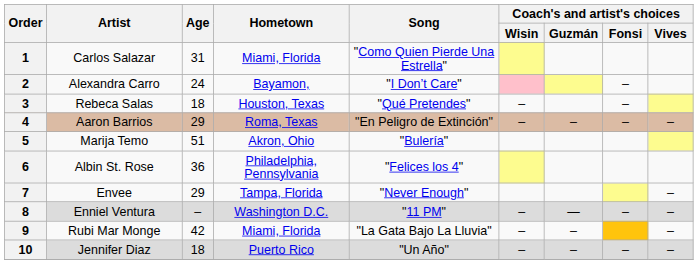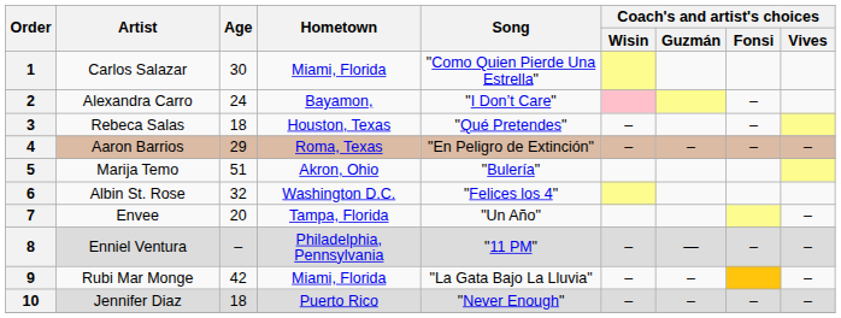 <table class="wikitable" style="text-align:center; line-height:17px; width:100%;">
 <tr>
 <th scope="col" rowspan="2" style="width:04%;">Order</th>
 <th scope="col" rowspan="2" style="width:18%;">Artist</th>
 <th scope="col" rowspan="2" style="width:04%;">Age</th>
 <th scope="col" rowspan="2" style="width:18%;">Hometown</th>
 <th scope="col" rowspan="2" style="width:20%;">Song</th>
 <th scope="col" colspan="4" style="width:24%;">Coach's and artist's choices</th>
 </tr>
 <tr>
 <th style="width:06%;">Wisin</th>
 <th style="width:06%;">Guzmán</th>
 <th style="width:06%;">Fonsi</th>
 <th style="width:06%;">Vives</th>
 </tr>
 <tr>
 <th>1</th>
 <td>Carlos Salazar</td>
-<td>31</td>
+<td>30</td>
 <td><a href='#'>Miami, Florida</a></td>
 <td>"<a href='#'>Como Quien Pierde Una Estrella</a>"</td>
 <td style="background:#fdfc8f;"><strong></strong></td>
 <td><strong></strong></td>
 <td><strong></strong></td>
 <td><strong></strong></td>
 </tr>
 <tr>
 <th>2</th>
 <td>Alexandra Carro</td>
 <td>24</td>
 <td><a href='#'>Bayamon, </a></td>
 <td>"<a href='#'>I Don’t Care</a>"</td>
 <td style="background-color:pink;"><strong></strong></td>
 <td style="background:#fdfc8f;"><strong></strong></td>
 <td>–</td>
 <td><strong></strong></td>
 </tr>
 <tr>
 <th>3</th>
 <td>Rebeca Salas</td>
 <td>18</td>
 <td><a href='#'>Houston, Texas</a></td>
 <td>"<a href='#'>Qué Pretendes</a>"</td>
 <td>–</td>
 <td><strong></strong></td>
 <td>–</td>
 <td style="background:#fdfc8f;"><strong></strong></td>
 </tr>
 <tr style="background:#dbbba4;">
 <th>4</th>
 <td>Aaron Barrios</td>
 <td>29</td>
 <td><a href='#'>Roma, Texas</a></td>
 <td>"En Peligro de Extinción"</td>
 <td>–</td>
 <td>–</td>
 <td>–</td>
 <td>–</td>
 </tr>
 <tr>
 <th>5</th>
 <td>Marija Temo</td>
 <td>51</td>
 <td><a href='#'>Akron, Ohio</a></td>
 <td>"<a href='#'>Bulería</a>"</td>
 <td><strong></strong></td>
 <td><strong></strong></td>
 <td><strong></strong></td>
 <td style="background:#fdfc8f;"><strong></strong></td>
 </tr>
 <tr>
 <th>6</th>
 <td>Albin St. Rose</td>
-<td>36</td>
-<td><a href='#'>Philadelphia, Pennsylvania</a></td>
+<td>32</td>
+<td><a href='#'>Washington D.C.</a></td>
 <td>"<a href='#'>Felices los 4</a>"</td>
 <td style="background:#fdfc8f;"><strong></strong></td>
 <td><strong></strong></td>
 <td><strong></strong></td>
 <td><strong></strong></td>
 </tr>
 <tr>
 <th>7</th>
 <td>Envee</td>
-<td>29</td>
+<td>20</td>
 <td><a href='#'>Tampa, Florida</a></td>
-<td>"<a href='#'>Never Enough</a>"</td>
+<td>"Un Año"</td>
 <td><strong></strong></td>
 <td><strong></strong></td>
 <td style="background:#fdfc8f;"><strong></strong></td>
 <td>–</td>
 </tr>
 <tr style="background:#dcdcdc;">
 <th>8</th>
 <td>Enniel Ventura</td>
 <td>–</td>
-<td><a href='#'>Washington D.C.</a></td>
+<td><a href='#'>Philadelphia, Pennsylvania</a></td>
 <td>"<a href='#'>11 PM</a>"</td>
 <td>–</td>
 <td>—</td>
 <td>–</td>
 <td>–</td>
 </tr>
 <tr>
 <th>9</th>
 <td>Rubi Mar Monge</td>
 <td>42</td>
 <td><a href='#'>Miami, Florida</a></td>
 <td>"La Gata Bajo La Lluvia"</td>
 <td>–</td>
 <td>–</td>
 <td style="background:#ffc40c;"><strong></strong></td>
 <td>–</td>
 </tr>
 <tr style="background:#dcdcdc;">
 <th>10</th>
 <td>Jennifer Diaz</td>
 <td>18</td>
 <td><a href='#'>Puerto Rico</a></td>
-<td>"Un Año"</td>
+<td>"<a href='#'>Never Enough</a>"</td>
 <td>–</td>
 <td>–</td>
 <td>–</td>
 <td>–</td>
 </tr>
 <tr>
 </tr>
 </table>
